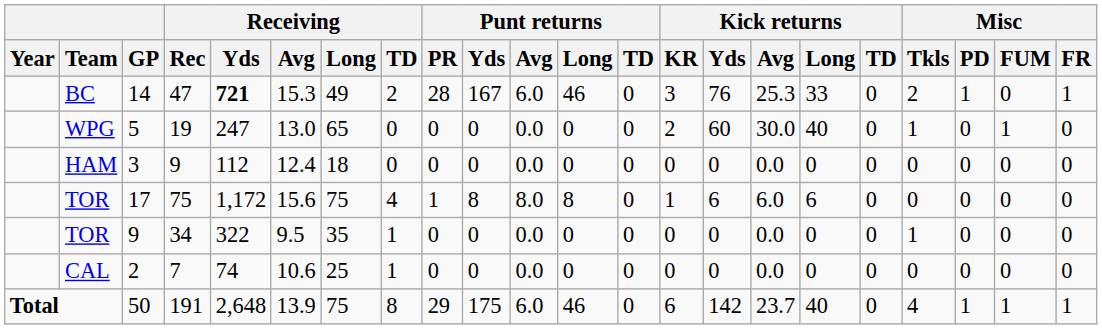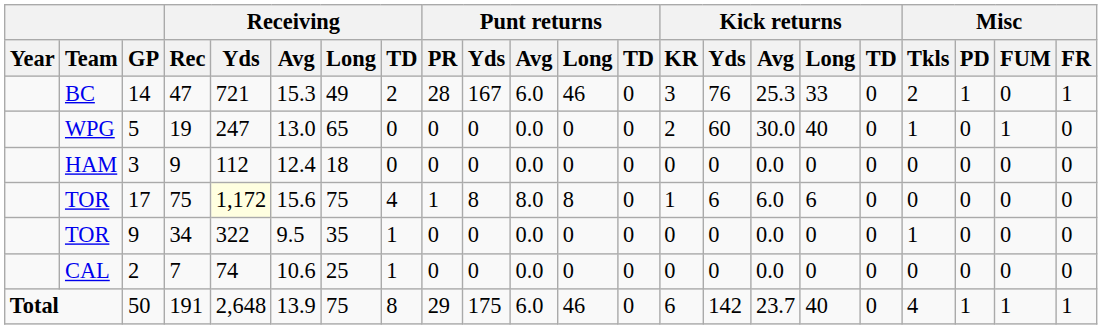 <table class="wikitable">
 <tr>
 <th colspan=3></th>
 <th colspan=5>Receiving</th>
 <th colspan=5>Punt returns</th>
 <th colspan=5>Kick returns</th>
 <th colspan=4>Misc</th>
 </tr>
 <tr>
 <th>Year</th>
 <th>Team</th>
 <th>GP</th>
 <th>Rec</th>
 <th>Yds</th>
 <th>Avg</th>
 <th>Long</th>
 <th>TD</th>
 <th>PR</th>
 <th>Yds</th>
 <th>Avg</th>
 <th>Long</th>
 <th>TD</th>
 <th>KR</th>
 <th>Yds</th>
 <th>Avg</th>
 <th>Long</th>
 <th>TD</th>
 <th>Tkls</th>
 <th>PD</th>
 <th>FUM</th>
 <th>FR</th>
 </tr>
 <tr>
 <td></td>
 <td><a href='#'>BC</a></td>
 <td>14</td>
 <td>47</td>
-<td><strong>721</strong></td>
+<td>721</td>
 <td>15.3</td>
 <td>49</td>
 <td>2</td>
 <td>28</td>
 <td>167</td>
 <td>6.0</td>
 <td>46</td>
 <td>0</td>
 <td>3</td>
 <td>76</td>
 <td>25.3</td>
 <td>33</td>
 <td>0</td>
 <td>2</td>
 <td>1</td>
 <td>0</td>
 <td>1</td>
 </tr>
 <tr>
 <td></td>
 <td><a href='#'>WPG</a></td>
 <td>5</td>
 <td>19</td>
 <td>247</td>
 <td>13.0</td>
 <td>65</td>
 <td>0</td>
 <td>0</td>
 <td>0</td>
 <td>0.0</td>
 <td>0</td>
 <td>0</td>
 <td>2</td>
 <td>60</td>
 <td>30.0</td>
 <td>40</td>
 <td>0</td>
 <td>1</td>
 <td>0</td>
 <td>1</td>
 <td>0</td>
 </tr>
 <tr>
 <td></td>
 <td><a href='#'>HAM</a></td>
 <td>3</td>
 <td>9</td>
 <td>112</td>
 <td>12.4</td>
 <td>18</td>
 <td>0</td>
 <td>0</td>
 <td>0</td>
 <td>0.0</td>
 <td>0</td>
 <td>0</td>
 <td>0</td>
 <td>0</td>
 <td>0.0</td>
 <td>0</td>
 <td>0</td>
 <td>0</td>
 <td>0</td>
 <td>0</td>
 <td>0</td>
 </tr>
 <tr>
 <td></td>
 <td><a href='#'>TOR</a></td>
 <td>17</td>
 <td>75</td>
-<td>1,172</td>
+<td style="background: lightyellow;">1,172</td>
 <td>15.6</td>
 <td>75</td>
 <td>4</td>
 <td>1</td>
 <td>8</td>
 <td>8.0</td>
 <td>8</td>
 <td>0</td>
 <td>1</td>
 <td>6</td>
 <td>6.0</td>
 <td>6</td>
 <td>0</td>
 <td>0</td>
 <td>0</td>
 <td>0</td>
 <td>0</td>
 </tr>
 <tr>
 <td></td>
 <td><a href='#'>TOR</a></td>
 <td>9</td>
 <td>34</td>
 <td>322</td>
 <td>9.5</td>
 <td>35</td>
 <td>1</td>
 <td>0</td>
 <td>0</td>
 <td>0.0</td>
 <td>0</td>
 <td>0</td>
 <td>0</td>
 <td>0</td>
 <td>0.0</td>
 <td>0</td>
 <td>0</td>
 <td>1</td>
 <td>0</td>
 <td>0</td>
 <td>0</td>
 </tr>
 <tr>
 <td></td>
 <td><a href='#'>CAL</a></td>
 <td>2</td>
 <td>7</td>
 <td>74</td>
 <td>10.6</td>
 <td>25</td>
 <td>1</td>
 <td>0</td>
 <td>0</td>
 <td>0.0</td>
 <td>0</td>
 <td>0</td>
 <td>0</td>
 <td>0</td>
 <td>0.0</td>
 <td>0</td>
 <td>0</td>
 <td>0</td>
 <td>0</td>
 <td>0</td>
 <td>0</td>
 </tr>
 <tr>
 <td colspan=2><strong>Total</strong></td>
 <td>50</td>
 <td>191</td>
 <td>2,648</td>
 <td>13.9</td>
 <td>75</td>
 <td>8</td>
 <td>29</td>
 <td>175</td>
 <td>6.0</td>
 <td>46</td>
 <td>0</td>
 <td>6</td>
 <td>142</td>
 <td>23.7</td>
 <td>40</td>
 <td>0</td>
 <td>4</td>
 <td>1</td>
 <td>1</td>
 <td>1</td>
 </tr>
 </table>
